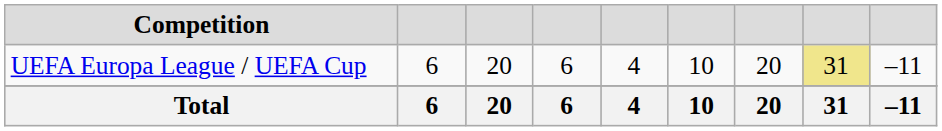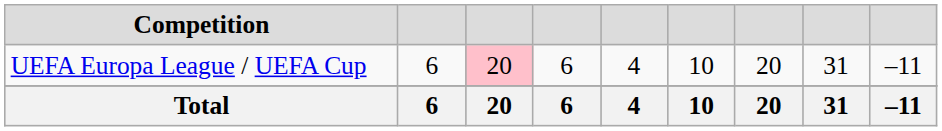 <table class="wikitable" style="text-align: center;">
 <tr>
 <th width="240" style="background:#DCDCDC">Competition</th>
 <th width="35" style="background:#DCDCDC"></th>
 <th width="35" style="background:#DCDCDC"></th>
 <th width="35" style="background:#DCDCDC"></th>
 <th width="35" style="background:#DCDCDC"></th>
 <th width="35" style="background:#DCDCDC"></th>
 <th width="35" style="background:#DCDCDC"></th>
 <th width="35" style="background:#DCDCDC"></th>
 <th width="35" style="background:#DCDCDC"></th>
 </tr>
 <tr>
 <td align=left><a href='#'>UEFA Europa League</a> / <a href='#'>UEFA Cup</a></td>
 <td>6</td>
-<td>20</td>
+<td style="background: pink;">20</td>
 <td>6</td>
 <td>4</td>
 <td>10</td>
 <td>20</td>
-<td style="background: khaki;">31</td>
+<td>31</td>
 <td>–11</td>
 </tr>
 <tr>
 </tr>
 <tr class="sortbottom">
 <th>Total</th>
 <th>6</th>
 <th>20</th>
 <th>6</th>
 <th>4</th>
 <th>10</th>
 <th>20</th>
 <th>31</th>
 <th>–11</th>
 </tr>
 </table>
